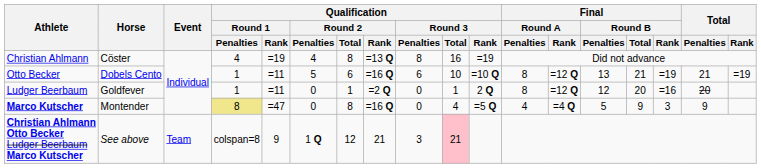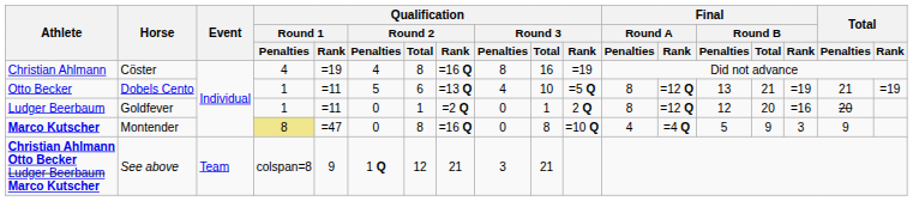 <table class="wikitable" style="font-size:90%">
 <tr>
 <th rowspan="3">Athlete</th>
 <th rowspan="3">Horse</th>
 <th rowspan="3">Event</th>
 <th colspan="8">Qualification</th>
 <th colspan="5">Final</th>
 <th rowspan=2 colspan="2">Total</th>
 </tr>
 <tr style="font-size:95%">
 <th colspan="2">Round 1</th>
 <th colspan="3">Round 2</th>
 <th colspan="3">Round 3</th>
 <th colspan="2">Round A</th>
 <th colspan="3">Round B</th>
 </tr>
 <tr style="font-size:95%">
 <th>Penalties</th>
 <th>Rank</th>
 <th>Penalties</th>
 <th>Total</th>
 <th>Rank</th>
 <th>Penalties</th>
 <th>Total</th>
 <th>Rank</th>
 <th>Penalties</th>
 <th>Rank</th>
 <th>Penalties</th>
 <th>Total</th>
 <th>Rank</th>
 <th>Penalties</th>
 <th>Rank</th>
 </tr>
 <tr align=center>
 <td align=left><a href='#'>Christian Ahlmann</a></td>
 <td align=left>Cöster</td>
 <td align=left rowspan=4><a href='#'>Individual</a></td>
 <td>4</td>
 <td>=19</td>
 <td>4</td>
 <td>8</td>
-<td>=13 <strong>Q</strong></td>
+<td>=16 <strong>Q</strong></td>
 <td>8</td>
 <td>16</td>
 <td>=19</td>
 <td colspan=7>Did not advance</td>
 </tr>
 <tr align=center>
 <td align=left><a href='#'>Otto Becker</a></td>
 <td align=left><a href='#'>Dobels Cento</a></td>
 <td>1</td>
 <td>=11</td>
 <td>5</td>
 <td>6</td>
-<td>=16 <strong>Q</strong></td>
-<td>6</td>
+<td>=13 <strong>Q</strong></td>
+<td>4</td>
 <td>10</td>
-<td>=10 <strong>Q</strong></td>
+<td>=5 <strong>Q</strong></td>
 <td>8</td>
 <td>=12 <strong>Q</strong></td>
 <td>13</td>
 <td>21</td>
 <td>=19</td>
 <td>21</td>
 <td>=19</td>
 </tr>
 <tr align=center>
 <td align=left><a href='#'>Ludger Beerbaum</a></td>
 <td align=left>Goldfever</td>
 <td>1</td>
 <td>=11</td>
 <td>0</td>
 <td>1</td>
 <td>=2 <strong>Q</strong></td>
 <td>0</td>
 <td>1</td>
 <td>2 <strong>Q</strong></td>
 <td>8</td>
 <td>=12 <strong>Q</strong></td>
 <td>12</td>
 <td>20</td>
 <td>=16</td>
 <td><s>20</s></td>
 <td></td>
 </tr>
 <tr align=center>
 <td align=left><strong><a href='#'>Marco Kutscher</a></strong></td>
 <td align=left>Montender</td>
 <td style="background: khaki;">8</td>
 <td>=47</td>
 <td>0</td>
 <td>8</td>
 <td>=16 <strong>Q</strong></td>
 <td>0</td>
-<td>4</td>
-<td>=5 <strong>Q</strong></td>
+<td>8</td>
+<td>=10 <strong>Q</strong></td>
 <td>4</td>
 <td>=4 <strong>Q</strong></td>
 <td>5</td>
 <td>9</td>
 <td>3</td>
 <td>9</td>
 <td></td>
 </tr>
 <tr align=center>
 <td align=left><strong><a href='#'>Christian Ahlmann</a><br><a href='#'>Otto Becker</a></strong><br><s><a href='#'>Ludger Beerbaum</a></s><br><strong><a href='#'>Marco Kutscher</a></strong></td>
 <td align=left><em>See above</em></td>
 <td align=left><a href='#'>Team</a></td>
 <td>colspan=8 </td>
 <td>9</td>
 <td>1 <strong>Q</strong></td>
 <td>12</td>
 <td>21</td>
 <td>3</td>
-<td style="background: pink;">21</td>
+<td>21</td>
 <td></td>
 </tr>
 </table>
